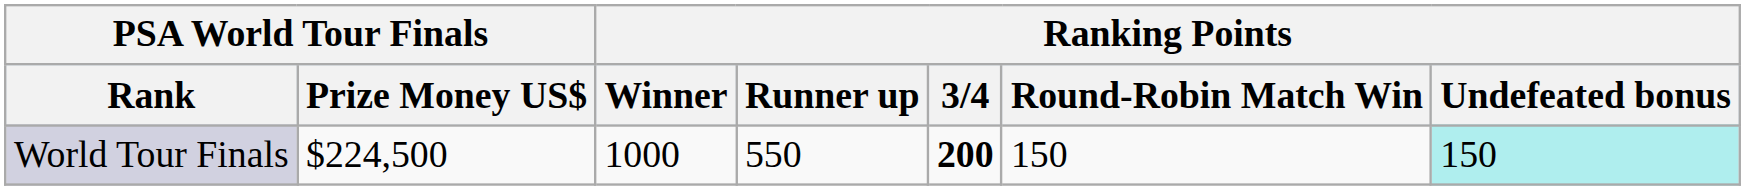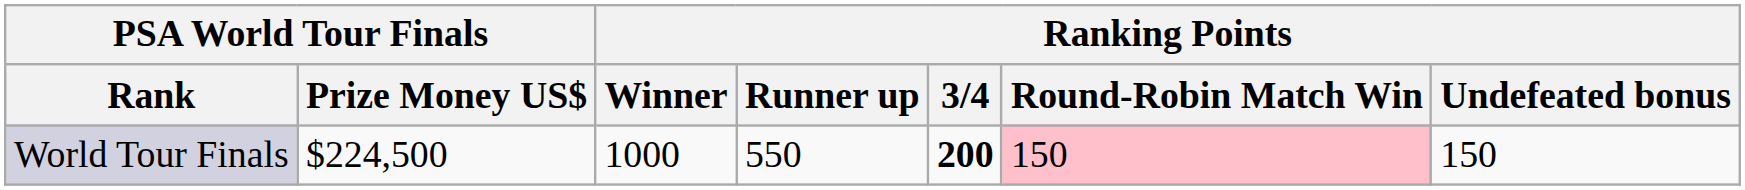 <table class="wikitable">
 <tr>
 <th colspan=2>PSA World Tour Finals</th>
 <th colspan=6>Ranking Points</th>
 </tr>
 <tr bgcolor="#d1e4fd">
 <th>Rank</th>
 <th>Prize Money US$</th>
 <th>Winner</th>
 <th>Runner up</th>
 <th>3/4</th>
 <th>Round-Robin Match Win</th>
 <th>Undefeated bonus</th>
 </tr>
 <tr>
 <td style="background:#d1d1e0;">World Tour Finals</td>
 <td>$224,500</td>
 <td>1000</td>
 <td>550</td>
 <td><strong>200</strong></td>
+<td style="background: pink;">150</td>
 <td>150</td>
-<td style="background: paleturquoise;">150</td>
 </tr>
 </table>
